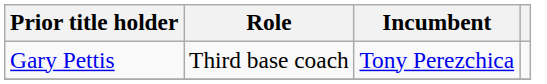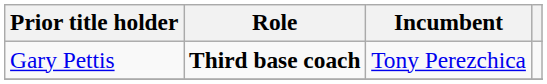 <table class="wikitable">
 <tr>
 <th>Prior title holder</th>
 <th>Role</th>
 <th>Incumbent</th>
 <th></th>
 </tr>
 <tr>
 <td><a href='#'>Gary Pettis</a></td>
-<td align=center>Third base coach</td>
+<td align=center><strong>Third base coach</strong></td>
 <td><a href='#'>Tony Perezchica</a></td>
 <td align=center></td>
 </tr>
 <tr>
 </tr>
 <tr>
 </tr>
 </table>
